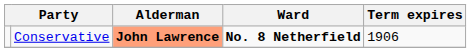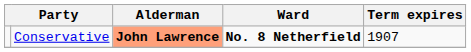 <table class="wikitable">
 <tr>
 <th colspan="2">Party</th>
 <th>Alderman</th>
 <th>Ward</th>
 <th>Term expires</th>
 </tr>
 <tr>
 <td style="background-color:"></td>
 <td><a href='#'>Conservative</a></td>
 <td style="background: lightsalmon;"><strong>John Lawrence</strong></td>
 <td><strong>No. 8 Netherfield</strong></td>
-<td>1906</td>
+<td>1907</td>
 </tr>
 <tr>
 </tr>
 </table>
